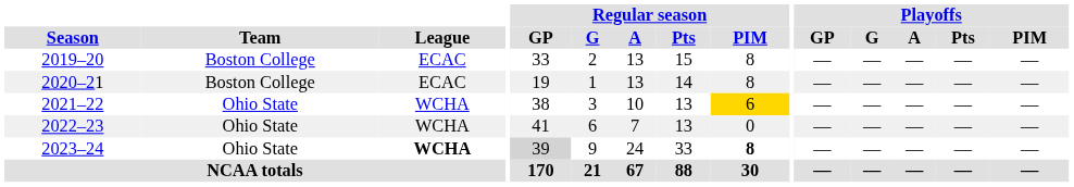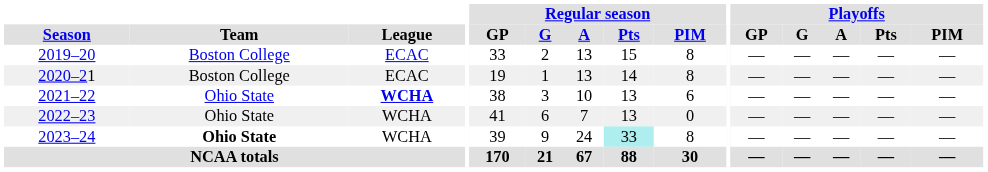 <table border="0" cellpadding="1" cellspacing="0" style="text-align:center; width:60em">
 <tr bgcolor="#e0e0e0">
 <th colspan="3" bgcolor="#ffffff"></th>
 <th rowspan="97" bgcolor="#ffffff"></th>
 <th colspan="5"><a href='#'>Regular season</a></th>
 <th rowspan="97" bgcolor="#ffffff"></th>
 <th colspan="5"><a href='#'>Playoffs</a></th>
 </tr>
 <tr bgcolor="#e0e0e0">
 <th><a href='#'>Season</a></th>
 <th>Team</th>
 <th>League</th>
 <th>GP</th>
 <th><a href='#'>G</a></th>
 <th><a href='#'>A</a></th>
 <th><a href='#'>Pts</a></th>
 <th><a href='#'>PIM</a></th>
 <th>GP</th>
 <th>G</th>
 <th>A</th>
 <th>Pts</th>
 <th>PIM</th>
 </tr>
 <tr>
 <td><a href='#'>2019–20</a></td>
 <td><a href='#'>Boston College</a></td>
 <td><a href='#'>ECAC</a></td>
 <td>33</td>
 <td>2</td>
 <td>13</td>
 <td>15</td>
 <td>8</td>
 <td>—</td>
 <td>—</td>
 <td>—</td>
 <td>—</td>
 <td>—</td>
 </tr>
 <tr bgcolor="#f0f0f0">
 <td><a href='#'>2020–2</a>1</td>
 <td>Boston College</td>
 <td>ECAC</td>
 <td>19</td>
 <td>1</td>
 <td>13</td>
 <td>14</td>
 <td>8</td>
 <td>—</td>
 <td>—</td>
 <td>—</td>
 <td>—</td>
 <td>—</td>
 </tr>
 <tr>
 <td><a href='#'>2021–22</a></td>
 <td><a href='#'>Ohio State</a></td>
-<td><a href='#'>WCHA</a></td>
+<td><strong><a href='#'>WCHA</a></strong></td>
 <td>38</td>
 <td>3</td>
 <td>10</td>
 <td>13</td>
-<td style="background: gold;">6</td>
+<td>6</td>
 <td>—</td>
 <td>—</td>
 <td>—</td>
 <td>—</td>
 <td>—</td>
 </tr>
 <tr bgcolor="#f0f0f0">
 <td><a href='#'>2022–23</a></td>
 <td>Ohio State</td>
 <td>WCHA</td>
 <td>41</td>
 <td>6</td>
 <td>7</td>
 <td>13</td>
 <td>0</td>
 <td>—</td>
 <td>—</td>
 <td>—</td>
 <td>—</td>
 <td>—</td>
 </tr>
 <tr>
 <td><a href='#'>2023–24</a></td>
-<td>Ohio State</td>
-<td><strong>WCHA</strong></td>
-<td style="background: lightgrey;">39</td>
+<td><strong>Ohio State</strong></td>
+<td>WCHA</td>
+<td>39</td>
 <td>9</td>
 <td>24</td>
-<td>33</td>
-<td><strong>8</strong></td>
+<td style="background: paleturquoise;">33</td>
+<td>8</td>
 <td>—</td>
 <td>—</td>
 <td>—</td>
 <td>—</td>
 <td>—</td>
 </tr>
 <tr bgcolor="#e0e0e0">
 <th colspan="3">NCAA totals</th>
 <th>170</th>
 <th>21</th>
 <th>67</th>
 <th>88</th>
 <th>30</th>
 <th>—</th>
 <th>—</th>
 <th>—</th>
 <th>—</th>
 <th>—</th>
 </tr>
 </table>
